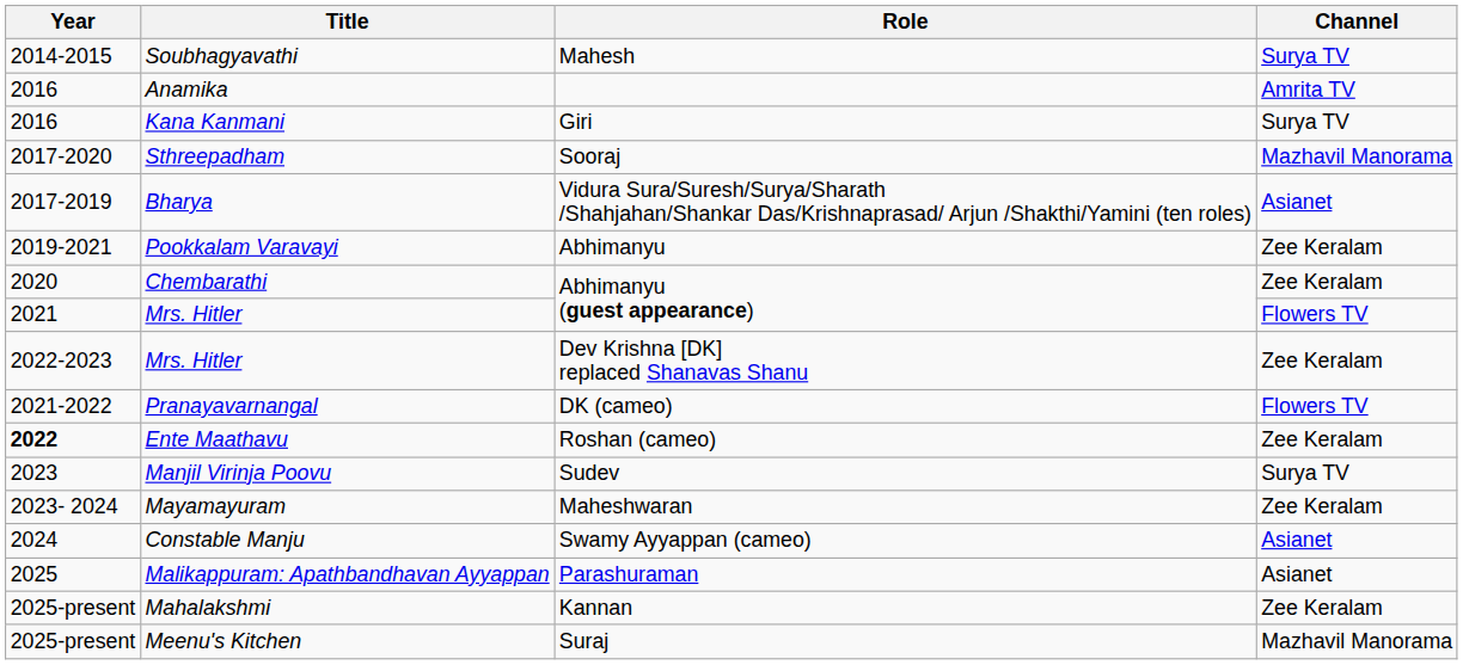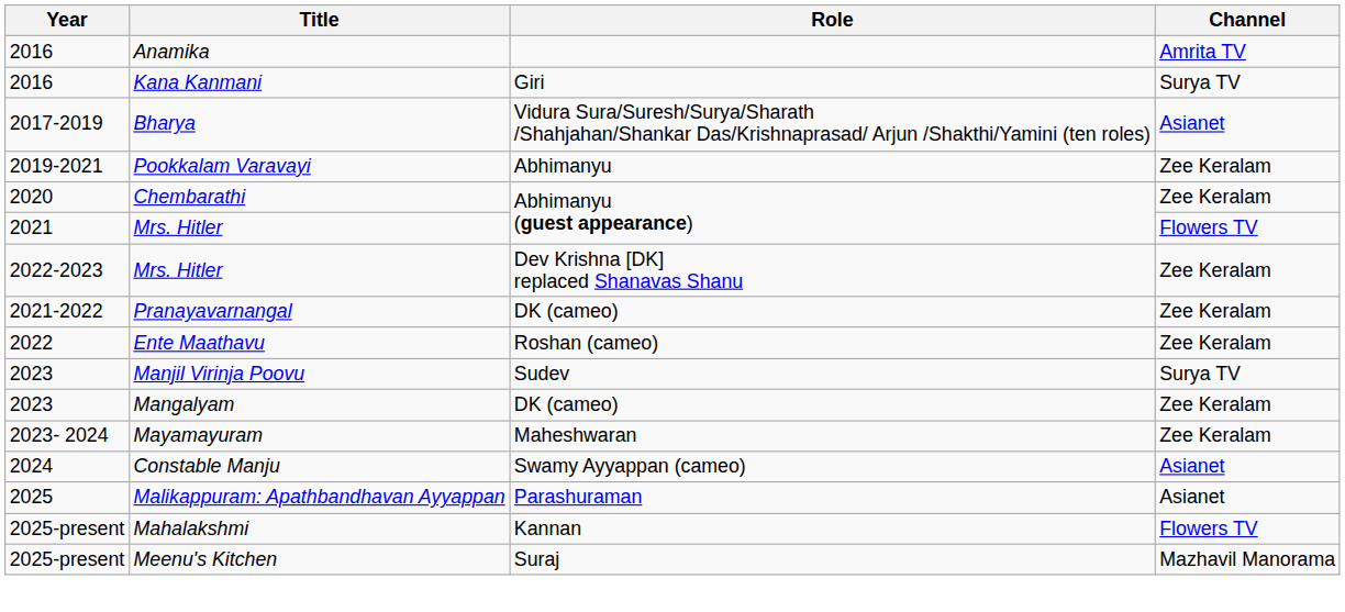 <table class="wikitable">
 <tr>
 <th>Year</th>
 <th>Title</th>
 <th>Role</th>
 <th>Channel</th>
-</tr>
-<tr>
-<td>2014-2015</td>
-<td><em>Soubhagyavathi</em></td>
-<td>Mahesh</td>
-<td><a href='#'>Surya TV</a></td>
 </tr>
 <tr>
 <td>2016</td>
 <td><em>Anamika</em></td>
 <td></td>
 <td><a href='#'>Amrita TV</a></td>
 </tr>
 <tr>
 <td>2016</td>
 <td><em><a href='#'>Kana Kanmani</a></em></td>
 <td>Giri</td>
 <td>Surya TV</td>
-</tr>
-<tr>
-<td>2017-2020</td>
-<td><em><a href='#'>Sthreepadham</a></em></td>
-<td>Sooraj</td>
-<td><a href='#'>Mazhavil Manorama</a></td>
 </tr>
 <tr>
 <td>2017-2019</td>
 <td><em><a href='#'>Bharya</a></em></td>
 <td>Vidura Sura/Suresh/Surya/Sharath<br>/Shahjahan/Shankar Das/Krishnaprasad/ Arjun /Shakthi/Yamini (ten roles)</td>
 <td><a href='#'>Asianet</a></td>
 </tr>
 <tr>
 <td>2019-2021</td>
 <td><em><a href='#'>Pookkalam Varavayi</a></em></td>
 <td>Abhimanyu</td>
 <td>Zee Keralam</td>
 </tr>
 <tr>
 <td>2020</td>
 <td><em><a href='#'>Chembarathi</a></em></td>
 <td rowspan=2>Abhimanyu <br>(<strong>guest appearance</strong>)</td>
 <td>Zee Keralam</td>
 </tr>
 <tr>
 <td>2021</td>
 <td><em><a href='#'>Mrs. Hitler</a></em></td>
 <td><a href='#'>Flowers TV</a></td>
 </tr>
 <tr>
 <td>2022-2023</td>
 <td><em><a href='#'>Mrs. Hitler</a></em></td>
 <td>Dev Krishna [DK] <br> replaced <a href='#'>Shanavas Shanu</a></td>
 <td>Zee Keralam</td>
 </tr>
 <tr>
 <td>2021-2022</td>
 <td><em><a href='#'>Pranayavarnangal</a></em></td>
 <td>DK (cameo)</td>
-<td><a href='#'>Flowers TV</a></td>
+<td>Zee Keralam</td>
 </tr>
 <tr>
-<td><strong>2022</strong></td>
+<td>2022</td>
 <td><em><a href='#'>Ente Maathavu</a></em></td>
 <td>Roshan (cameo)</td>
 <td>Zee Keralam</td>
 </tr>
 <tr>
 <td>2023</td>
 <td><em><a href='#'>Manjil Virinja Poovu</a></em></td>
 <td>Sudev</td>
 <td>Surya TV</td>
+</tr>
+<tr>
+<td>2023</td>
+<td><em>Mangalyam</em></td>
+<td>DK (cameo)</td>
+<td>Zee Keralam</td>
 </tr>
 <tr>
 <td>2023- 2024</td>
 <td><em>Mayamayuram </em></td>
 <td>Maheshwaran</td>
 <td>Zee Keralam</td>
 </tr>
 <tr>
 <td>2024</td>
 <td><em>Constable Manju</em></td>
 <td>Swamy Ayyappan (cameo)</td>
 <td><a href='#'>Asianet</a></td>
 </tr>
 <tr>
 <td>2025</td>
 <td><em><a href='#'>Malikappuram: Apathbandhavan Ayyappan</a></em></td>
 <td><a href='#'>Parashuraman</a></td>
 <td>Asianet</td>
 </tr>
 <tr>
 <td>2025-present</td>
 <td><em>Mahalakshmi</em></td>
 <td>Kannan</td>
-<td>Zee Keralam</td>
+<td><a href='#'>Flowers TV</a></td>
 </tr>
 <tr>
 <td>2025-present</td>
 <td><em>Meenu's Kitchen</em></td>
 <td>Suraj</td>
 <td>Mazhavil Manorama</td>
 </tr>
 </table>
